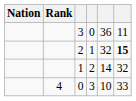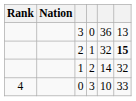 <table class="wikitable sortable" style="text-align: center;">
 <tr>
+<th>Rank</th>
 <th>Nation</th>
-<th>Rank</th>
 <th></th>
 <th></th>
 <th></th>
 <th></th>
 </tr>
 <tr>
+<td></td>
 <td align=left></td>
-<td></td>
 <td>3</td>
 <td>0</td>
 <td>36</td>
-<td>11</td>
+<td>13</td>
 </tr>
 <tr>
+<td></td>
 <td align=left></td>
-<td></td>
 <td>2</td>
 <td>1</td>
 <td>32</td>
 <td><strong>15</strong></td>
 </tr>
 <tr>
+<td></td>
 <td align=left></td>
-<td></td>
 <td>1</td>
 <td>2</td>
 <td>14</td>
 <td>32</td>
 </tr>
 <tr>
+<td>4</td>
 <td align=left></td>
-<td>4</td>
 <td>0</td>
 <td>3</td>
 <td>10</td>
 <td>33</td>
 </tr>
 </table>
